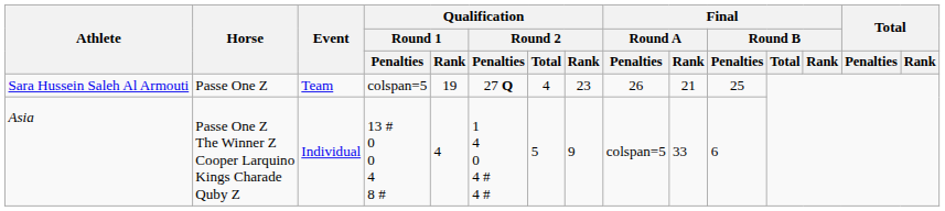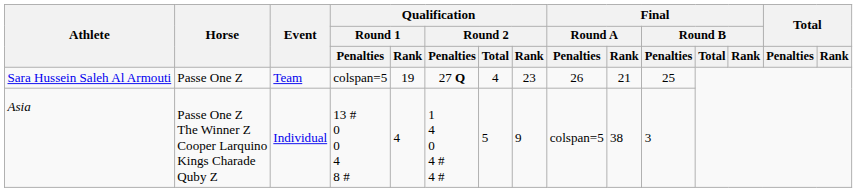 <table class="wikitable" style="font-size:90%">
 <tr>
 <th rowspan="3">Athlete</th>
 <th rowspan="3">Horse</th>
 <th rowspan="3">Event</th>
 <th colspan="5">Qualification</th>
 <th colspan="5">Final</th>
 <th rowspan=2 colspan="2">Total</th>
 </tr>
 <tr style="font-size:95%">
 <th colspan="2">Round 1</th>
 <th colspan="3">Round 2</th>
 <th colspan="2">Round A</th>
 <th colspan="3">Round B</th>
 </tr>
 <tr style="font-size:95%">
 <th>Penalties</th>
 <th>Rank</th>
 <th>Penalties</th>
 <th>Total</th>
 <th>Rank</th>
 <th>Penalties</th>
 <th>Rank</th>
 <th>Penalties</th>
 <th>Total</th>
 <th>Rank</th>
 <th>Penalties</th>
 <th>Rank</th>
 </tr>
 <tr align=center>
 <td align=left><a href='#'>Sara Hussein Saleh Al Armouti</a></td>
 <td align=left>Passe One Z</td>
 <td align=left><a href='#'>Team</a></td>
 <td>colspan=5 </td>
 <td>19</td>
 <td>27 <strong>Q</strong></td>
 <td>4</td>
 <td>23</td>
 <td>26</td>
 <td>21</td>
 <td>25</td>
 </tr>
 <tr align=left>
 <td rowspan=5 align=left><em>Asia</em><br> <br><br><br><br></td>
 <td align=left><br>Passe One Z<br>The Winner Z<br>Cooper Larquino<br>Kings Charade<br>Quby Z</td>
 <td align=left rowspan=1><a href='#'>Individual</a></td>
 <td align=left><br>13 #<br>0<br>0<br>4<br>8 #</td>
 <td>4</td>
 <td align=left><br>1<br>4 <br>0<br>4 #<br>4 #</td>
 <td>5</td>
 <td>9</td>
 <td>colspan=5 </td>
-<td>33</td>
-<td>6</td>
+<td>38</td>
+<td>3</td>
 </tr>
 </table>
